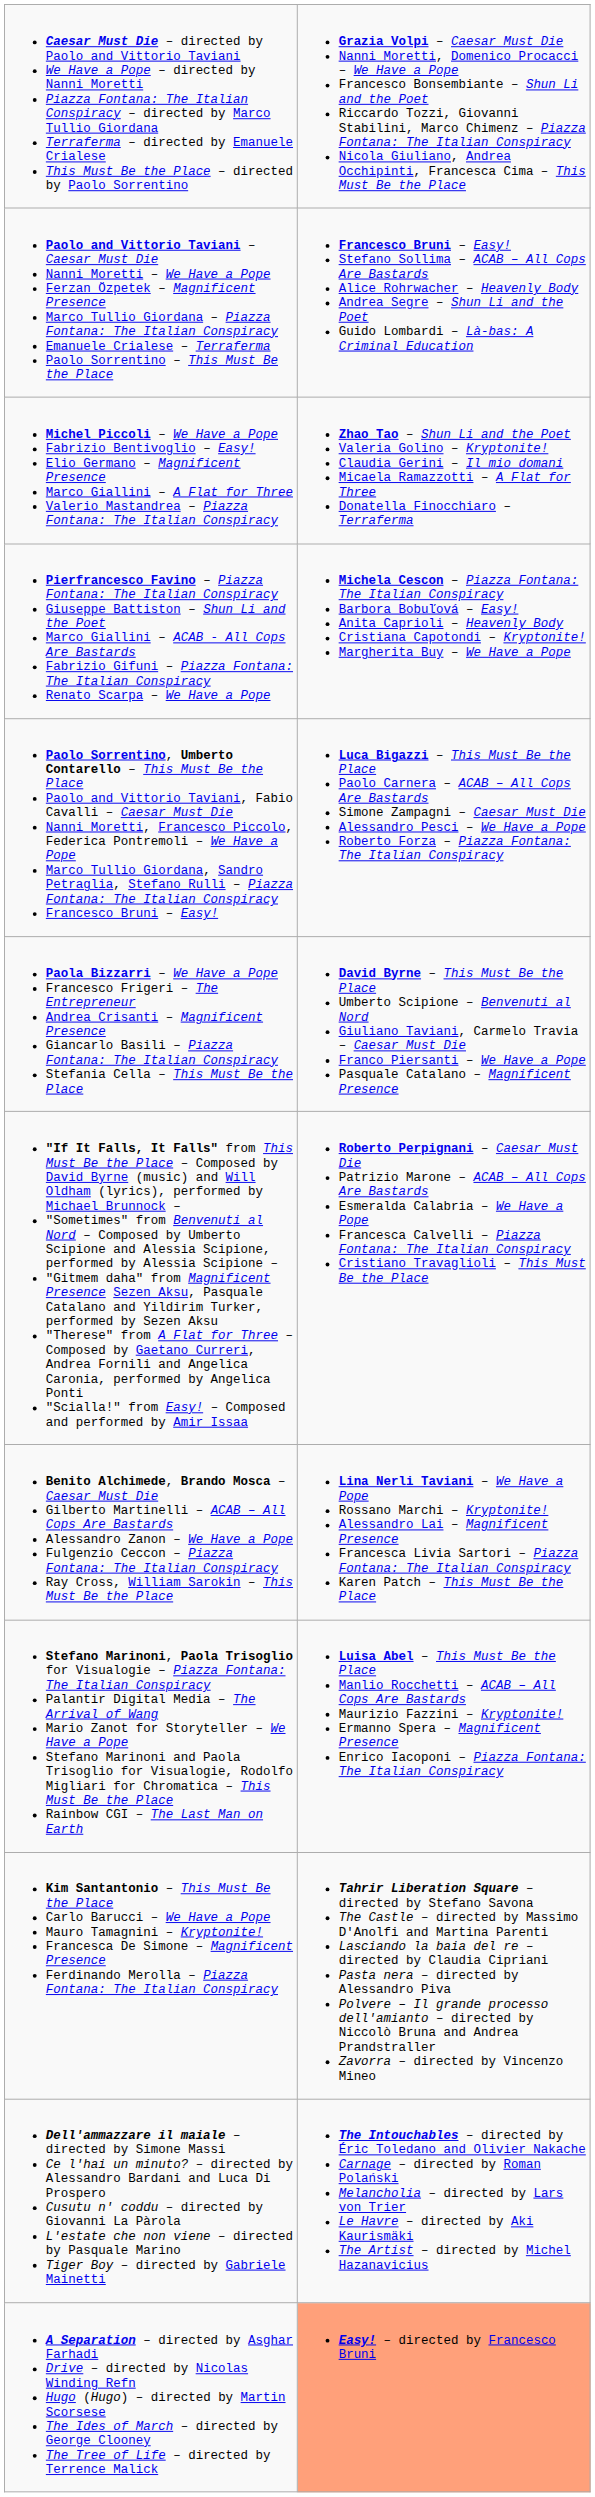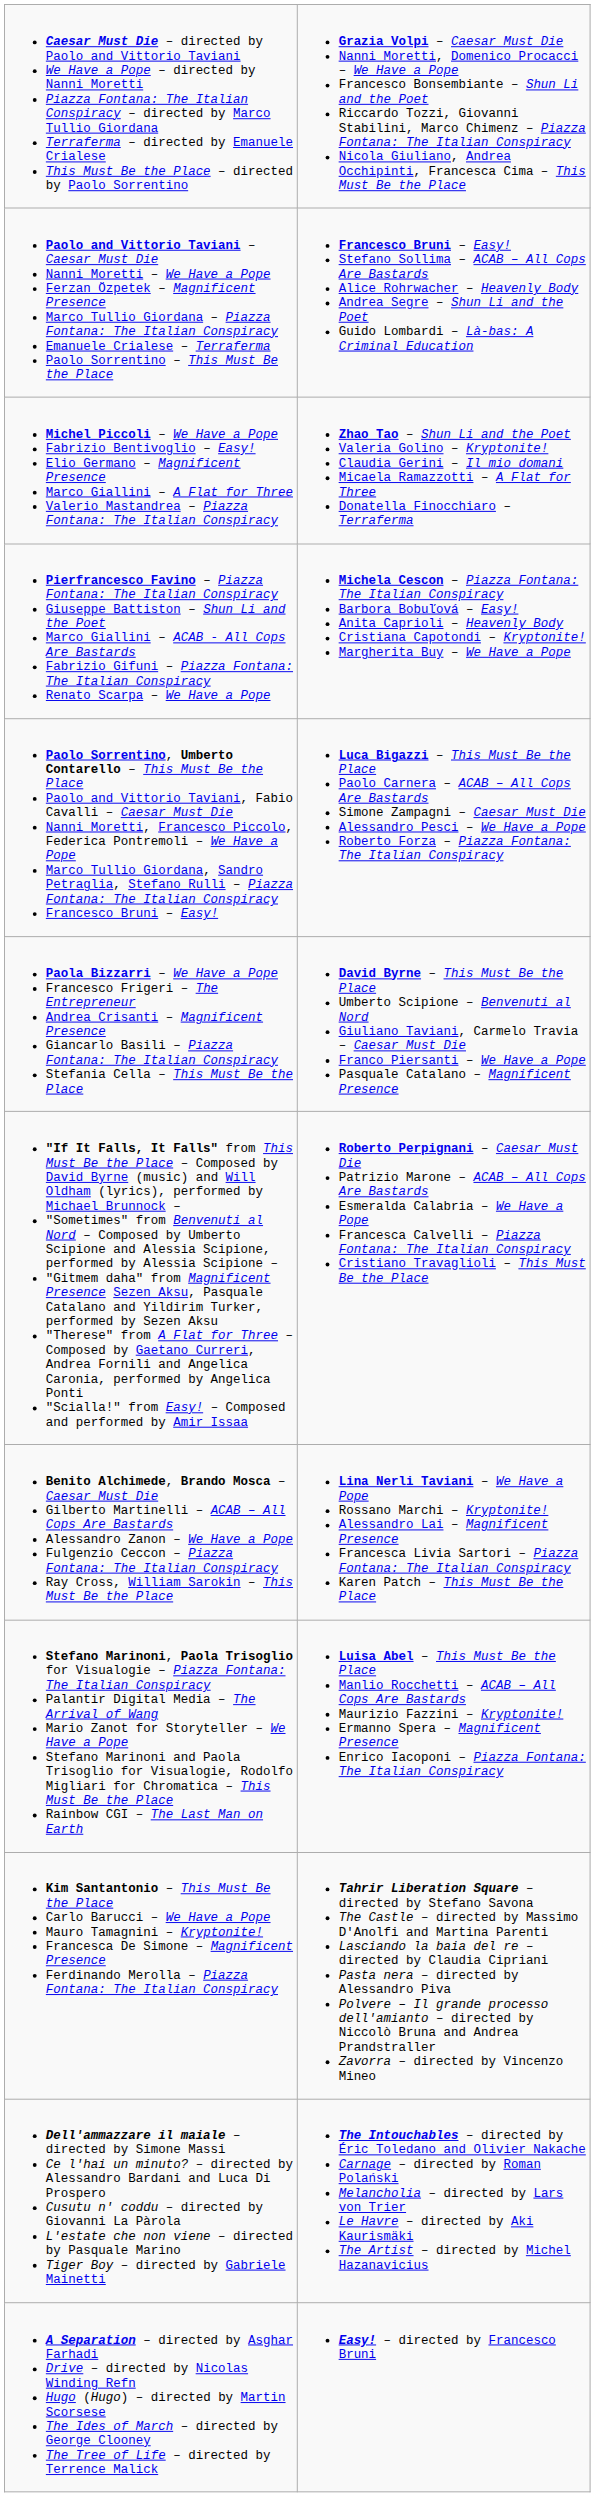 <table class="wikitable" role="presentation">
 <tr>
 <td style="vertical-align:top; width:50%;"><br><ul><li><strong><em><a href='#'>Caesar Must Die</a></em></strong> – directed by <a href='#'>Paolo and Vittorio Taviani</a></li><li><em><a href='#'>We Have a Pope</a></em> – directed by <a href='#'>Nanni Moretti</a></li><li><em><a href='#'>Piazza Fontana: The Italian Conspiracy</a></em> – directed by <a href='#'>Marco Tullio Giordana</a></li><li><em><a href='#'>Terraferma</a></em> – directed by <a href='#'>Emanuele Crialese</a></li><li><em><a href='#'>This Must Be the Place</a></em> – directed by <a href='#'>Paolo Sorrentino</a></li></ul></td>
 <td style="vertical-align:top; width:50%;"><br><ul><li><strong><a href='#'>Grazia Volpi</a></strong> – <em><a href='#'>Caesar Must Die</a></em></li><li><a href='#'>Nanni Moretti</a>, <a href='#'>Domenico Procacci</a> – <em><a href='#'>We Have a Pope</a></em></li><li>Francesco Bonsembiante  – <em><a href='#'>Shun Li and the Poet</a></em></li><li>Riccardo Tozzi, Giovanni Stabilini, Marco Chimenz – <em><a href='#'>Piazza Fontana: The Italian Conspiracy</a></em></li><li><a href='#'>Nicola Giuliano</a>, <a href='#'>Andrea Occhipinti</a>, Francesca Cima – <em><a href='#'>This Must Be the Place</a></em></li></ul></td>
 </tr>
 <tr>
 <td style="vertical-align:top; width:50%;"><br><ul><li><strong><a href='#'>Paolo and Vittorio Taviani</a></strong> – <em><a href='#'>Caesar Must Die</a></em></li><li><a href='#'>Nanni Moretti</a> – <em><a href='#'>We Have a Pope</a></em></li><li><a href='#'>Ferzan Özpetek</a> – <em><a href='#'>Magnificent Presence</a></em></li><li><a href='#'>Marco Tullio Giordana</a> – <em><a href='#'>Piazza Fontana: The Italian Conspiracy</a></em></li><li><a href='#'>Emanuele Crialese</a> – <em><a href='#'>Terraferma</a></em></li><li><a href='#'>Paolo Sorrentino</a> – <em><a href='#'>This Must Be the Place</a></em></li></ul></td>
 <td style="vertical-align:top; width:50%;"><br><ul><li><strong><a href='#'>Francesco Bruni</a></strong> – <em><a href='#'>Easy!</a></em></li><li><a href='#'>Stefano Sollima</a> – <em><a href='#'>ACAB – All Cops Are Bastards</a></em></li><li><a href='#'>Alice Rohrwacher</a> – <em><a href='#'>Heavenly Body</a></em></li><li><a href='#'>Andrea Segre</a> – <em><a href='#'>Shun Li and the Poet</a></em></li><li>Guido Lombardi – <em><a href='#'>Là-bas: A Criminal Education</a></em></li></ul></td>
 </tr>
 <tr>
 <td style="vertical-align:top; width:50%;"><br><ul><li><strong><a href='#'>Michel Piccoli</a></strong> – <em><a href='#'>We Have a Pope</a></em></li><li><a href='#'>Fabrizio Bentivoglio</a> – <em><a href='#'>Easy!</a></em></li><li><a href='#'>Elio Germano</a> – <em><a href='#'>Magnificent Presence</a></em></li><li><a href='#'>Marco Giallini</a> – <em><a href='#'>A Flat for Three</a></em></li><li><a href='#'>Valerio Mastandrea</a> – <em><a href='#'>Piazza Fontana: The Italian Conspiracy</a></em></li></ul></td>
 <td style="vertical-align:top; width:50%;"><br><ul><li><strong><a href='#'>Zhao Tao</a></strong> – <em><a href='#'>Shun Li and the Poet</a></em></li><li><a href='#'>Valeria Golino</a> – <em><a href='#'>Kryptonite!</a></em></li><li><a href='#'>Claudia Gerini</a> – <em><a href='#'>Il mio domani</a></em></li><li><a href='#'>Micaela Ramazzotti</a> – <em><a href='#'>A Flat for Three</a></em></li><li><a href='#'>Donatella Finocchiaro</a> – <em><a href='#'>Terraferma</a></em></li></ul></td>
 </tr>
 <tr>
 <td style="vertical-align:top; width:50%;"><br><ul><li><strong><a href='#'>Pierfrancesco Favino</a></strong> – <em><a href='#'>Piazza Fontana: The Italian Conspiracy</a></em></li><li><a href='#'>Giuseppe Battiston</a> – <em><a href='#'>Shun Li and the Poet</a></em></li><li><a href='#'>Marco Giallini</a> – <em><a href='#'>ACAB - All Cops Are Bastards</a></em></li><li><a href='#'>Fabrizio Gifuni</a> – <em><a href='#'>Piazza Fontana: The Italian Conspiracy</a></em></li><li><a href='#'>Renato Scarpa</a> – <em><a href='#'>We Have a Pope</a></em></li></ul></td>
 <td style="vertical-align:top; width:50%;"><br><ul><li><strong><a href='#'>Michela Cescon</a></strong> – <em><a href='#'>Piazza Fontana: The Italian Conspiracy</a></em></li><li><a href='#'>Barbora Bobuľová</a> – <em><a href='#'>Easy!</a></em></li><li><a href='#'>Anita Caprioli</a> – <em><a href='#'>Heavenly Body</a></em></li><li><a href='#'>Cristiana Capotondi</a> – <em><a href='#'>Kryptonite!</a></em></li><li><a href='#'>Margherita Buy</a> – <em><a href='#'>We Have a Pope</a></em></li></ul></td>
 </tr>
 <tr>
 <td style="vertical-align:top; width:50%;"><br><ul><li><strong><a href='#'>Paolo Sorrentino</a></strong>, <strong>Umberto Contarello</strong> – <em><a href='#'>This Must Be the Place</a></em></li><li><a href='#'>Paolo and Vittorio Taviani</a>, Fabio Cavalli – <em><a href='#'>Caesar Must Die</a></em></li><li><a href='#'>Nanni Moretti</a>, <a href='#'>Francesco Piccolo</a>, Federica Pontremoli – <em><a href='#'>We Have a Pope</a></em></li><li><a href='#'>Marco Tullio Giordana</a>, <a href='#'>Sandro Petraglia</a>, <a href='#'>Stefano Rulli</a> – <em><a href='#'>Piazza Fontana: The Italian Conspiracy</a></em></li><li><a href='#'>Francesco Bruni</a> – <em><a href='#'>Easy!</a></em></li></ul></td>
 <td style="vertical-align:top; width:50%;"><br><ul><li><strong><a href='#'>Luca Bigazzi</a></strong> – <em><a href='#'>This Must Be the Place</a></em></li><li><a href='#'>Paolo Carnera</a> – <em><a href='#'>ACAB – All Cops Are Bastards</a></em></li><li>Simone Zampagni – <em><a href='#'>Caesar Must Die</a></em></li><li><a href='#'>Alessandro Pesci</a> – <em><a href='#'>We Have a Pope</a></em></li><li><a href='#'>Roberto Forza</a> – <em><a href='#'>Piazza Fontana: The Italian Conspiracy</a></em></li></ul></td>
 </tr>
 <tr>
 <td style="vertical-align:top; width:50%;"><br><ul><li><strong><a href='#'>Paola Bizzarri</a></strong> – <em><a href='#'>We Have a Pope</a></em></li><li>Francesco Frigeri – <em><a href='#'>The Entrepreneur</a></em></li><li><a href='#'>Andrea Crisanti</a>  – <em><a href='#'>Magnificent Presence</a></em></li><li>Giancarlo Basili  – <em><a href='#'>Piazza Fontana: The Italian Conspiracy</a></em></li><li>Stefania Cella  – <em><a href='#'>This Must Be the Place</a></em></li></ul></td>
 <td style="vertical-align:top; width:50%;"><br><ul><li><strong><a href='#'>David Byrne</a></strong> – <em><a href='#'>This Must Be the Place</a></em></li><li>Umberto Scipione – <em><a href='#'>Benvenuti al Nord</a></em></li><li><a href='#'>Giuliano Taviani</a>, Carmelo Travia  – <em><a href='#'>Caesar Must Die</a></em></li><li><a href='#'>Franco Piersanti</a> – <em><a href='#'>We Have a Pope</a></em></li><li>Pasquale Catalano – <em><a href='#'>Magnificent Presence</a></em></li></ul></td>
 </tr>
 <tr>
 <td style="vertical-align:top; width:50%;"><br><ul><li><strong>"If It Falls, It Falls"</strong>  from  <em><a href='#'>This Must Be the Place</a></em>  – Composed by  <a href='#'>David Byrne</a> (music) and <a href='#'>Will Oldham</a> (lyrics), performed by <a href='#'>Michael Brunnock</a> –</li><li>"Sometimes"  from <em><a href='#'>Benvenuti al Nord</a></em>   – Composed by Umberto Scipione and Alessia Scipione, performed by Alessia Scipione –</li><li>"Gitmem daha"  from <em><a href='#'>Magnificent Presence</a></em> <a href='#'>Sezen Aksu</a>, Pasquale Catalano and Yildirim Turker, performed by Sezen Aksu</li><li>"Therese"  from <em><a href='#'>A Flat for Three</a></em>  – Composed by <a href='#'>Gaetano Curreri</a>, Andrea Fornili and Angelica Caronia, performed by Angelica Ponti</li><li>"Scialla!"  from <em><a href='#'>Easy!</a></em> – Composed and performed by <a href='#'>Amir Issaa</a></li></ul></td>
 <td style="vertical-align:top; width:50%;"><br><ul><li><strong><a href='#'>Roberto Perpignani</a></strong> – <em><a href='#'>Caesar Must Die</a></em></li><li>Patrizio Marone  – <em><a href='#'>ACAB – All Cops Are Bastards</a></em></li><li>Esmeralda Calabria  – <em><a href='#'>We Have a Pope</a></em></li><li>Francesca Calvelli  – <em><a href='#'>Piazza Fontana: The Italian Conspiracy</a></em></li><li><a href='#'>Cristiano Travaglioli</a> – <em><a href='#'>This Must Be the Place</a></em></li></ul></td>
 </tr>
 <tr>
 <td style="vertical-align:top; width:50%;"><br><ul><li><strong>Benito Alchimede</strong>, <strong>Brando Mosca</strong> – <em><a href='#'>Caesar Must Die</a></em></li><li>Gilberto Martinelli – <em><a href='#'>ACAB – All Cops Are Bastards</a></em></li><li>Alessandro Zanon – <em><a href='#'>We Have a Pope</a></em></li><li>Fulgenzio Ceccon – <em><a href='#'>Piazza Fontana: The Italian Conspiracy</a></em></li><li>Ray Cross, <a href='#'>William Sarokin</a> – <em><a href='#'>This Must Be the Place</a></em></li></ul></td>
 <td style="vertical-align:top; width:50%;"><br><ul><li><strong><a href='#'>Lina Nerli Taviani</a></strong> – <em><a href='#'>We Have a Pope</a></em></li><li>Rossano Marchi  – <em><a href='#'>Kryptonite!</a></em></li><li><a href='#'>Alessandro Lai</a> – <em><a href='#'>Magnificent Presence</a></em></li><li>Francesca Livia Sartori  – <em><a href='#'>Piazza Fontana: The Italian Conspiracy</a></em></li><li>Karen Patch  – <em><a href='#'>This Must Be the Place</a></em></li></ul></td>
 </tr>
 <tr>
 <td style="vertical-align:top; width:50%;"><br><ul><li><strong>Stefano Marinoni</strong>, <strong>Paola Trisoglio</strong>  for Visualogie – <em><a href='#'>Piazza Fontana: The Italian Conspiracy</a></em></li><li>Palantir Digital Media – <em><a href='#'>The Arrival of Wang</a></em></li><li>Mario Zanot for Storyteller – <em><a href='#'>We Have a Pope</a></em></li><li>Stefano Marinoni and  Paola Trisoglio for Visualogie, Rodolfo Migliari for Chromatica  – <em><a href='#'>This Must Be the Place</a></em></li><li>Rainbow CGI  – <em><a href='#'>The Last Man on Earth</a></em></li></ul></td>
 <td style="vertical-align:top; width:50%;"><br><ul><li><strong><a href='#'>Luisa Abel</a></strong> – <em><a href='#'>This Must Be the Place</a></em></li><li><a href='#'>Manlio Rocchetti</a> – <em><a href='#'>ACAB – All Cops Are Bastards</a></em></li><li>Maurizio Fazzini  – <em><a href='#'>Kryptonite!</a></em></li><li>Ermanno Spera – <em><a href='#'>Magnificent Presence</a></em></li><li>Enrico Iacoponi – <em><a href='#'>Piazza Fontana: The Italian Conspiracy</a></em></li></ul></td>
 </tr>
 <tr>
 <td style="vertical-align:top; width:50%;"><br><ul><li><strong>Kim Santantonio</strong> – <em><a href='#'>This Must Be the Place</a></em></li><li>Carlo Barucci – <em><a href='#'>We Have a Pope</a></em></li><li>Mauro Tamagnini – <em><a href='#'>Kryptonite!</a></em></li><li>Francesca De Simone  – <em><a href='#'>Magnificent Presence</a></em></li><li>Ferdinando Merolla  – <em><a href='#'>Piazza Fontana: The Italian Conspiracy</a></em></li></ul></td>
 <td style="vertical-align:top; width:50%;"><br><ul><li><strong><em>Tahrir Liberation Square</em></strong> – directed by  Stefano Savona</li><li><em>The Castle</em> – directed by  Massimo D'Anolfi and Martina Parenti</li><li><em>Lasciando la baia del re</em> – directed by Claudia Cipriani</li><li><em>Pasta nera</em> – directed by Alessandro Piva</li><li><em>Polvere – Il grande processo dell'amianto</em> – directed by Niccolò Bruna and Andrea Prandstraller</li><li><em>Zavorra </em> – directed by Vincenzo Mineo</li></ul></td>
 </tr>
 <tr>
 <td style="vertical-align:top; width:50%;"><br><ul><li><strong><em>Dell'ammazzare il maiale</em></strong> – directed by Simone Massi</li><li><em>Ce l'hai un minuto?</em> – directed by Alessandro Bardani and Luca Di Prospero</li><li><em>Cusutu n' coddu</em> – directed by Giovanni La Pàrola</li><li><em>L'estate che non viene</em> – directed by Pasquale Marino</li><li><em>Tiger Boy</em> – directed by <a href='#'>Gabriele Mainetti</a></li></ul></td>
 <td style="vertical-align:top; width:50%;"><br><ul><li><strong><em><a href='#'>The Intouchables</a></em></strong> – directed by <a href='#'>Éric Toledano and Olivier Nakache</a></li><li><em><a href='#'>Carnage</a></em> – directed by <a href='#'>Roman Polański</a></li><li><em><a href='#'>Melancholia</a></em> – directed by <a href='#'>Lars von Trier</a></li><li><em><a href='#'>Le Havre</a></em> – directed by <a href='#'>Aki Kaurismäki</a></li><li><em><a href='#'>The Artist</a></em> – directed by <a href='#'>Michel Hazanavicius</a></li></ul></td>
 </tr>
 <tr>
 <td style="vertical-align:top; width:50%;"><br><ul><li><strong><em><a href='#'>A Separation</a></em></strong> – directed by <a href='#'>Asghar Farhadi</a></li><li><em><a href='#'>Drive</a></em> – directed by <a href='#'>Nicolas Winding Refn</a></li><li><em><a href='#'>Hugo</a></em> (<em>Hugo</em>) – directed by <a href='#'>Martin Scorsese</a></li><li><em><a href='#'>The Ides of March</a></em>  – directed by <a href='#'>George Clooney</a></li><li><em><a href='#'>The Tree of Life</a></em> – directed by <a href='#'>Terrence Malick</a></li></ul></td>
-<td style="background: lightsalmon; vertical-align:top; width:50%;"><br><ul><li><strong><em><a href='#'>Easy!</a></em></strong> – directed by <a href='#'>Francesco Bruni</a></li></ul></td>
+<td style="vertical-align:top; width:50%;"><br><ul><li><strong><em><a href='#'>Easy!</a></em></strong> – directed by <a href='#'>Francesco Bruni</a></li></ul></td>
 </tr>
 </table>
